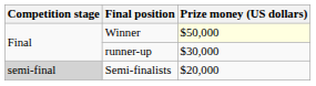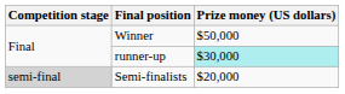 <table class="wikitable">
 <tr>
 <th>Competition stage</th>
 <th>Final position</th>
 <th>Prize money (US dollars)</th>
 </tr>
 <tr>
 <td rowspan="2">Final</td>
 <td>Winner</td>
-<td style="background: lightyellow;">$50,000</td>
+<td>$50,000</td>
 </tr>
 <tr>
 <td>runner-up</td>
-<td>$30,000</td>
+<td style="background: paleturquoise;">$30,000</td>
 </tr>
 <tr>
 <td rowspan="1" style="background: lightgrey;">semi-final</td>
 <td>Semi-finalists</td>
 <td>$20,000</td>
 </tr>
 </table>
